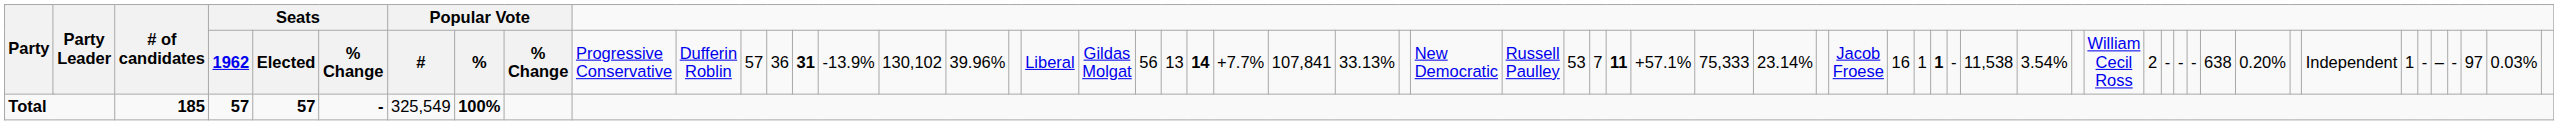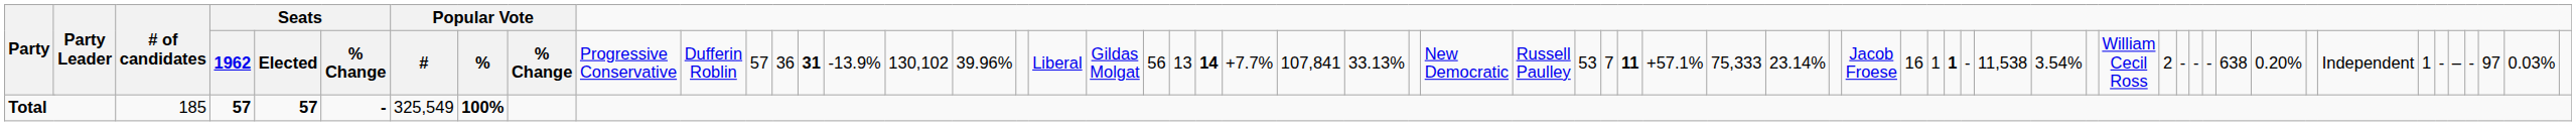 <table class="wikitable">
 <tr>
 <th rowspan=2 colspan=2>Party</th>
 <th rowspan=2>Party Leader</th>
 <th rowspan=2># of<br>candidates</th>
 <th colspan=3>Seats</th>
 <th colspan=3>Popular Vote</th>
 </tr>
 <tr>
 <th><a href='#'>1962</a></th>
 <th>Elected</th>
 <th>% Change</th>
 <th>#</th>
 <th>%</th>
 <th>% Change<br></th>
 <td><a href='#'>Progressive Conservative</a></td>
 <td align="center"><a href='#'>Dufferin Roblin</a></td>
 <td align="right">57</td>
 <td align="right">36</td>
 <td align="right"><strong>31</strong></td>
 <td align="right">-13.9%</td>
 <td align="right">130,102</td>
 <td align="right">39.96%</td>
 <td align="right"> <br></td>
 <td><a href='#'>Liberal</a></td>
 <td align="center"><a href='#'>Gildas Molgat</a></td>
 <td align="right">56</td>
 <td align="right">13</td>
 <td align="right"><strong>14</strong></td>
 <td align="right">+7.7%</td>
 <td align="right">107,841</td>
 <td align="right">33.13%</td>
 <td align="right"> <br></td>
 <td><a href='#'>New Democratic</a></td>
 <td align="center"><a href='#'>Russell Paulley</a></td>
 <td align="right">53</td>
 <td align="right">7</td>
 <td align="right"><strong>11</strong></td>
 <td align="right">+57.1%</td>
 <td align="right">75,333</td>
 <td align="right">23.14%</td>
 <td align="right"> <br></td>
 <td align="center"><a href='#'>Jacob Froese</a></td>
 <td align="right">16</td>
 <td align="right">1</td>
 <td align="right"><strong>1</strong></td>
 <td align="right">-</td>
 <td align="right">11,538</td>
 <td align="right">3.54%</td>
 <td align="right"> <br></td>
 <td align="center"><a href='#'>William Cecil Ross</a></td>
 <td align="right">2</td>
 <td align="right">-</td>
 <td align="right">-</td>
 <td align="right">-</td>
 <td align="right">638</td>
 <td align="right">0.20%</td>
 <td align="right"> <br></td>
 <td colspan=2>Independent</td>
 <td align="right">1</td>
 <td align="right">-</td>
 <td align="right">–</td>
 <td align="right">-</td>
 <td align="right">97</td>
 <td align="right">0.03%</td>
 <td align="right"> </td>
 </tr>
 <tr>
 <td colspan=3><strong>Total</strong></td>
-<td align="right"><strong>185</strong></td>
+<td align="right">185</td>
 <td align="right"><strong>57</strong></td>
 <td align="right"><strong>57</strong></td>
 <td align="right"><strong>-</strong></td>
 <td align="right">325,549</td>
 <td align="right"><strong>100%</strong></td>
 <td align="right"> </td>
 </tr>
 </table>
